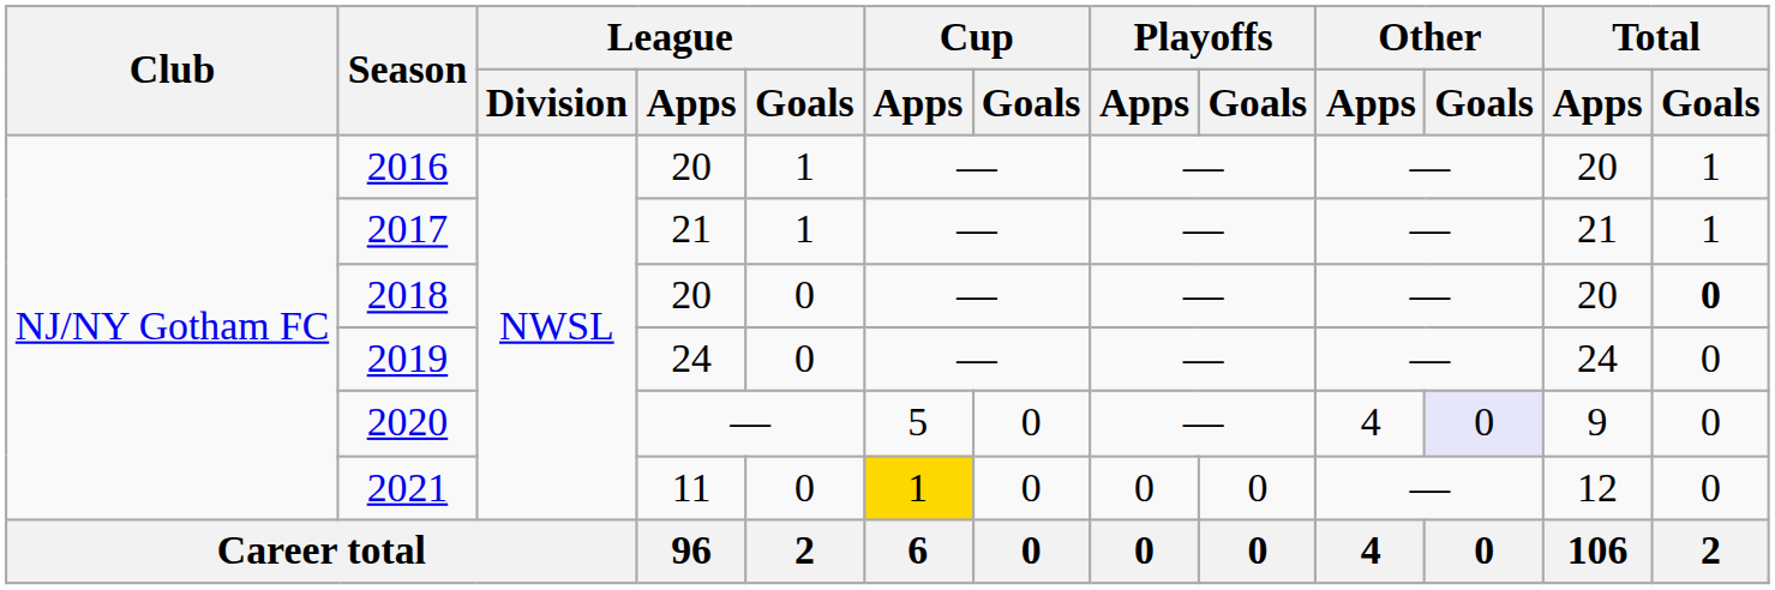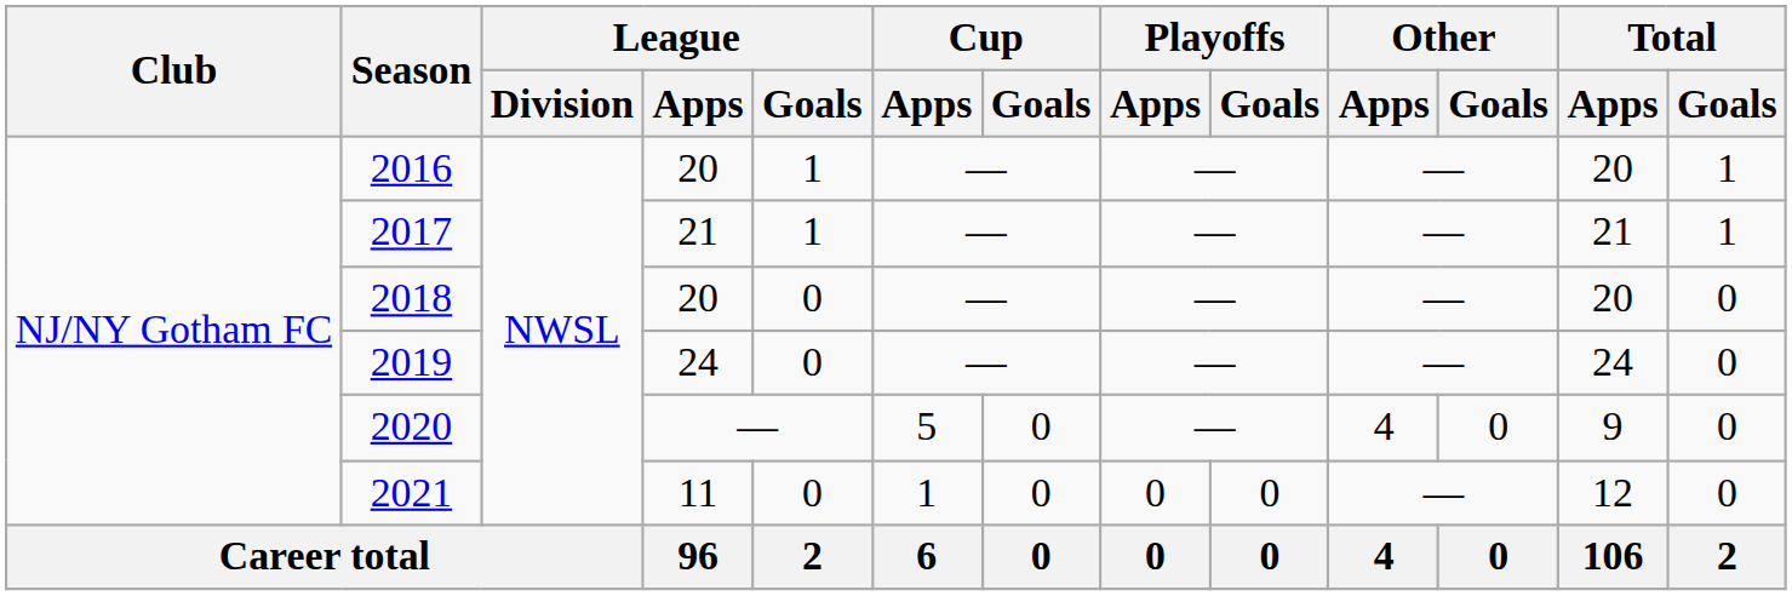 <table class="wikitable" style="text-align: center;">
 <tr>
 <th rowspan="2">Club</th>
 <th rowspan="2">Season</th>
 <th colspan="3">League</th>
 <th colspan="2">Cup</th>
 <th colspan="2">Playoffs</th>
 <th colspan="2">Other</th>
 <th colspan="2">Total</th>
 </tr>
 <tr>
 <th>Division</th>
 <th>Apps</th>
 <th>Goals</th>
 <th>Apps</th>
 <th>Goals</th>
 <th>Apps</th>
 <th>Goals</th>
 <th>Apps</th>
 <th>Goals</th>
 <th>Apps</th>
 <th>Goals</th>
 </tr>
 <tr>
 <td rowspan="6"><a href='#'>NJ/NY Gotham FC</a></td>
 <td><a href='#'>2016</a></td>
 <td rowspan="6"><a href='#'>NWSL</a></td>
 <td>20</td>
 <td>1</td>
 <td colspan="2">—</td>
 <td colspan="2">—</td>
 <td colspan="2">—</td>
 <td>20</td>
 <td>1</td>
 </tr>
 <tr>
 <td><a href='#'>2017</a></td>
 <td>21</td>
 <td>1</td>
 <td colspan="2">—</td>
 <td colspan="2">—</td>
 <td colspan="2">—</td>
 <td>21</td>
 <td>1</td>
 </tr>
 <tr>
 <td><a href='#'>2018</a></td>
 <td>20</td>
 <td>0</td>
 <td colspan="2">—</td>
 <td colspan="2">—</td>
 <td colspan="2">—</td>
 <td>20</td>
-<td><strong>0</strong></td>
+<td>0</td>
 </tr>
 <tr>
 <td><a href='#'>2019</a></td>
 <td>24</td>
 <td>0</td>
 <td colspan="2">—</td>
 <td colspan="2">—</td>
 <td colspan="2">—</td>
 <td>24</td>
 <td>0</td>
 </tr>
 <tr>
 <td><a href='#'>2020</a></td>
 <td colspan="2">—</td>
 <td>5</td>
 <td>0</td>
 <td colspan="2">—</td>
 <td>4</td>
-<td style="background: lavender;">0</td>
+<td>0</td>
 <td>9</td>
 <td>0</td>
 </tr>
 <tr>
 <td><a href='#'>2021</a></td>
 <td>11</td>
 <td>0</td>
-<td style="background: gold;">1</td>
+<td>1</td>
 <td>0</td>
 <td>0</td>
 <td>0</td>
 <td colspan="2">—</td>
 <td>12</td>
 <td>0</td>
 </tr>
 <tr>
 <th colspan="3">Career total</th>
 <th>96</th>
 <th>2</th>
 <th>6</th>
 <th>0</th>
 <th>0</th>
 <th>0</th>
 <th>4</th>
 <th>0</th>
 <th>106</th>
 <th>2</th>
 </tr>
 </table>
